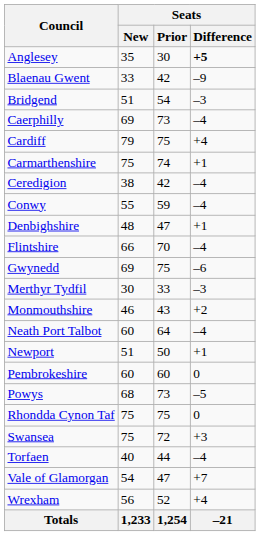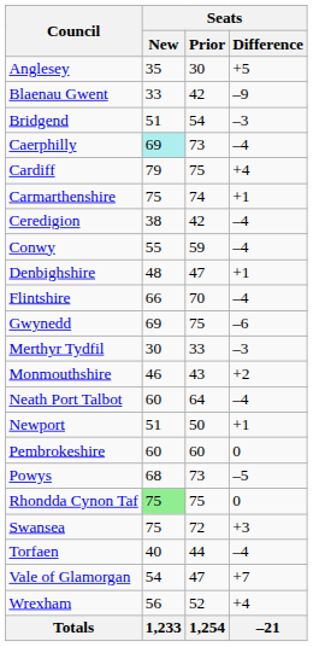 <table class="wikitable sortable">
 <tr>
 <th rowspan=2>Council</th>
 <th colspan=3>Seats</th>
 </tr>
 <tr>
 <th>New</th>
 <th>Prior</th>
 <th>Difference</th>
 </tr>
 <tr>
 <td><a href='#'>Anglesey</a></td>
 <td>35</td>
 <td>30</td>
-<td><strong>+5</strong></td>
+<td>+5</td>
 </tr>
 <tr>
 <td><a href='#'>Blaenau Gwent</a></td>
 <td>33</td>
 <td>42</td>
 <td>–9</td>
 </tr>
 <tr>
 <td><a href='#'>Bridgend</a></td>
 <td>51</td>
 <td>54</td>
 <td>–3</td>
 </tr>
 <tr>
 <td><a href='#'>Caerphilly</a></td>
-<td>69</td>
+<td style="background: paleturquoise;">69</td>
 <td>73</td>
 <td>–4</td>
 </tr>
 <tr>
 <td><a href='#'>Cardiff</a></td>
 <td>79</td>
 <td>75</td>
 <td>+4</td>
 </tr>
 <tr>
 <td><a href='#'>Carmarthenshire</a></td>
 <td>75</td>
 <td>74</td>
 <td>+1</td>
 </tr>
 <tr>
 <td><a href='#'>Ceredigion</a></td>
 <td>38</td>
 <td>42</td>
 <td>–4</td>
 </tr>
 <tr>
 <td><a href='#'>Conwy</a></td>
 <td>55</td>
 <td>59</td>
 <td>–4</td>
 </tr>
 <tr>
 <td><a href='#'>Denbighshire</a></td>
 <td>48</td>
 <td>47</td>
 <td>+1</td>
 </tr>
 <tr>
 <td><a href='#'>Flintshire</a></td>
 <td>66</td>
 <td>70</td>
 <td>–4</td>
 </tr>
 <tr>
 <td><a href='#'>Gwynedd</a></td>
 <td>69</td>
 <td>75</td>
 <td>–6</td>
 </tr>
 <tr>
 <td><a href='#'>Merthyr Tydfil</a></td>
 <td>30</td>
 <td>33</td>
 <td>–3</td>
 </tr>
 <tr>
 <td><a href='#'>Monmouthshire</a></td>
 <td>46</td>
 <td>43</td>
 <td>+2</td>
 </tr>
 <tr>
 <td><a href='#'>Neath Port Talbot</a></td>
 <td>60</td>
 <td>64</td>
 <td>–4</td>
 </tr>
 <tr>
 <td><a href='#'>Newport</a></td>
 <td>51</td>
 <td>50</td>
 <td>+1</td>
 </tr>
 <tr>
 <td><a href='#'>Pembrokeshire</a></td>
 <td>60</td>
 <td>60</td>
 <td>0</td>
 </tr>
 <tr>
 <td><a href='#'>Powys</a></td>
 <td>68</td>
 <td>73</td>
 <td>–5</td>
 </tr>
 <tr>
 <td><a href='#'>Rhondda Cynon Taf</a></td>
-<td>75</td>
+<td style="background: lightgreen;">75</td>
 <td>75</td>
 <td>0</td>
 </tr>
 <tr>
 <td><a href='#'>Swansea</a></td>
 <td>75</td>
 <td>72</td>
 <td>+3</td>
 </tr>
 <tr>
 <td><a href='#'>Torfaen</a></td>
 <td>40</td>
 <td>44</td>
 <td>–4</td>
 </tr>
 <tr>
 <td><a href='#'>Vale of Glamorgan</a></td>
 <td>54</td>
 <td>47</td>
 <td>+7</td>
 </tr>
 <tr>
 <td><a href='#'>Wrexham</a></td>
 <td>56</td>
 <td>52</td>
 <td>+4</td>
 </tr>
 <tr class="sortbottom">
 <th>Totals</th>
 <th>1,233</th>
 <th>1,254</th>
 <th>–21</th>
 </tr>
 </table>
